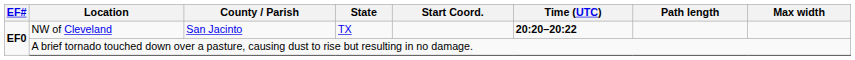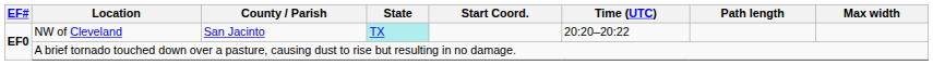 <table class="wikitable sortable" style="width:100%;">
 <tr>
 <th scope="col" width="2%" align="center"><a href='#'>EF#</a></th>
 <th scope="col" align="center" class="unsortable">Location</th>
 <th scope="col" align="center" class="unsortable">County / Parish</th>
 <th scope="col" align="center">State</th>
 <th scope="col" align="center" data-sort-type="number">Start Coord.</th>
 <th scope="col" align="center" data-sort-type="number">Time (<a href='#'>UTC</a>)</th>
 <th scope="col" align="center" data-sort-type="number">Path length</th>
 <th scope="col" align="center" data-sort-type="number">Max width</th>
 </tr>
 <tr>
 <td rowspan="2" align="center"><strong>EF0</strong></td>
 <td>NW of <a href='#'>Cleveland</a></td>
 <td><a href='#'>San Jacinto</a></td>
-<td><a href='#'>TX</a></td>
+<td style="background: paleturquoise;"><a href='#'>TX</a></td>
 <td></td>
-<td><strong>20:20–20:22</strong></td>
+<td>20:20–20:22</td>
 <td></td>
 <td></td>
 </tr>
 <tr class="expand-child">
 <td colspan="7" style=" border-bottom: 1px solid black;">A brief tornado touched down over a pasture, causing dust to rise but resulting in no damage.</td>
 </tr>
 </table>
